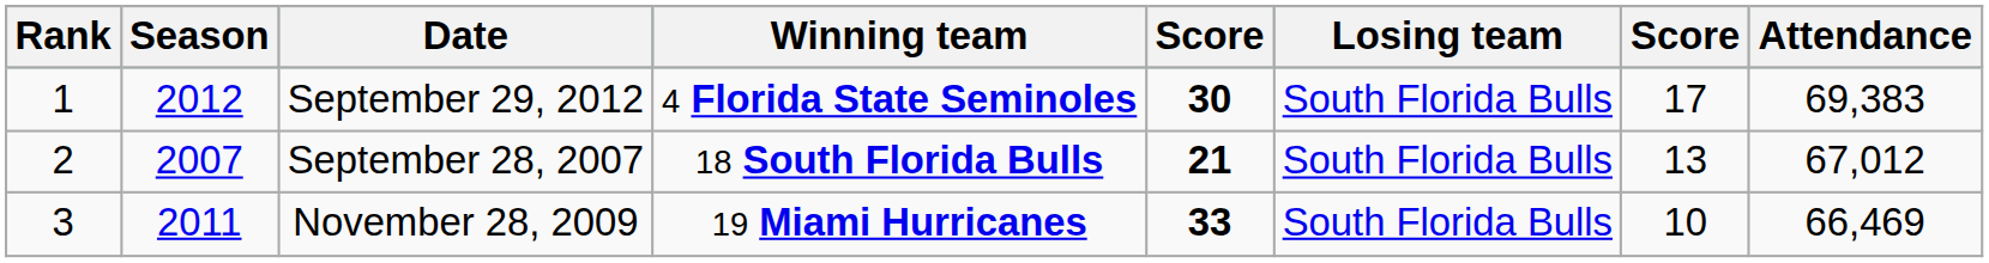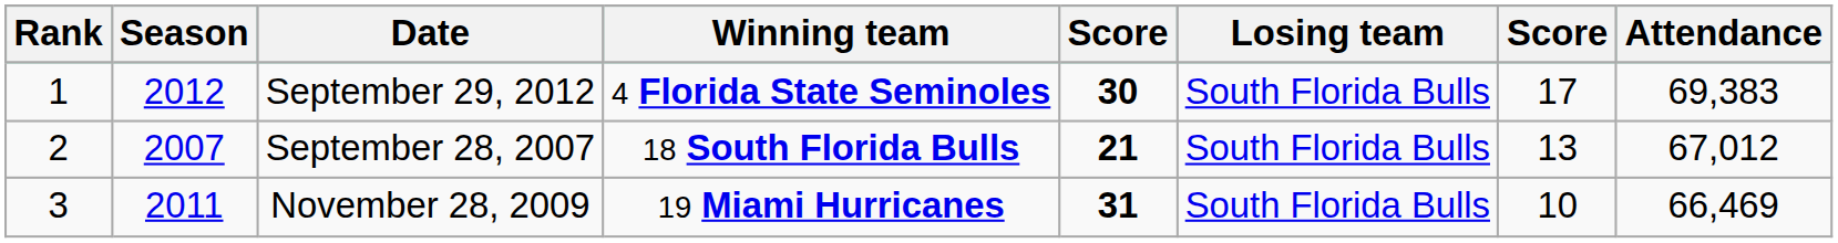 <table class="wikitable" style="text-align:center">
 <tr style="background:#006747;">
 <th style="text-align:center;">Rank</th>
 <th style="text-align:center;">Season</th>
 <th style="text-align:center;">Date</th>
 <th style="text-align:center;">Winning team</th>
 <th style="text-align:center;">Score</th>
 <th style="text-align:center;">Losing team</th>
 <th style="text-align:center;">Score</th>
 <th style="text-align:center;">Attendance</th>
 </tr>
 <tr>
 <td>1</td>
 <td><a href='#'>2012</a></td>
 <td>September 29, 2012</td>
 <td><small>4</small> <strong><a href='#'>Florida State Seminoles</a></strong></td>
 <td><strong>30</strong></td>
 <td><a href='#'>South Florida Bulls</a></td>
 <td>17</td>
 <td>69,383</td>
 </tr>
 <tr>
 <td>2</td>
 <td><a href='#'>2007</a></td>
 <td>September 28, 2007</td>
 <td><small>18</small> <strong><a href='#'>South Florida Bulls</a></strong></td>
 <td><strong>21</strong></td>
 <td><a href='#'>South Florida Bulls</a></td>
 <td>13</td>
 <td>67,012</td>
 </tr>
 <tr>
 <td>3</td>
 <td><a href='#'>2011</a></td>
 <td>November 28, 2009</td>
 <td><small>19</small> <strong><a href='#'>Miami Hurricanes</a></strong></td>
-<td><strong>33</strong></td>
+<td><strong>31</strong></td>
 <td><a href='#'>South Florida Bulls</a></td>
 <td>10</td>
 <td>66,469</td>
 </tr>
 </table>
